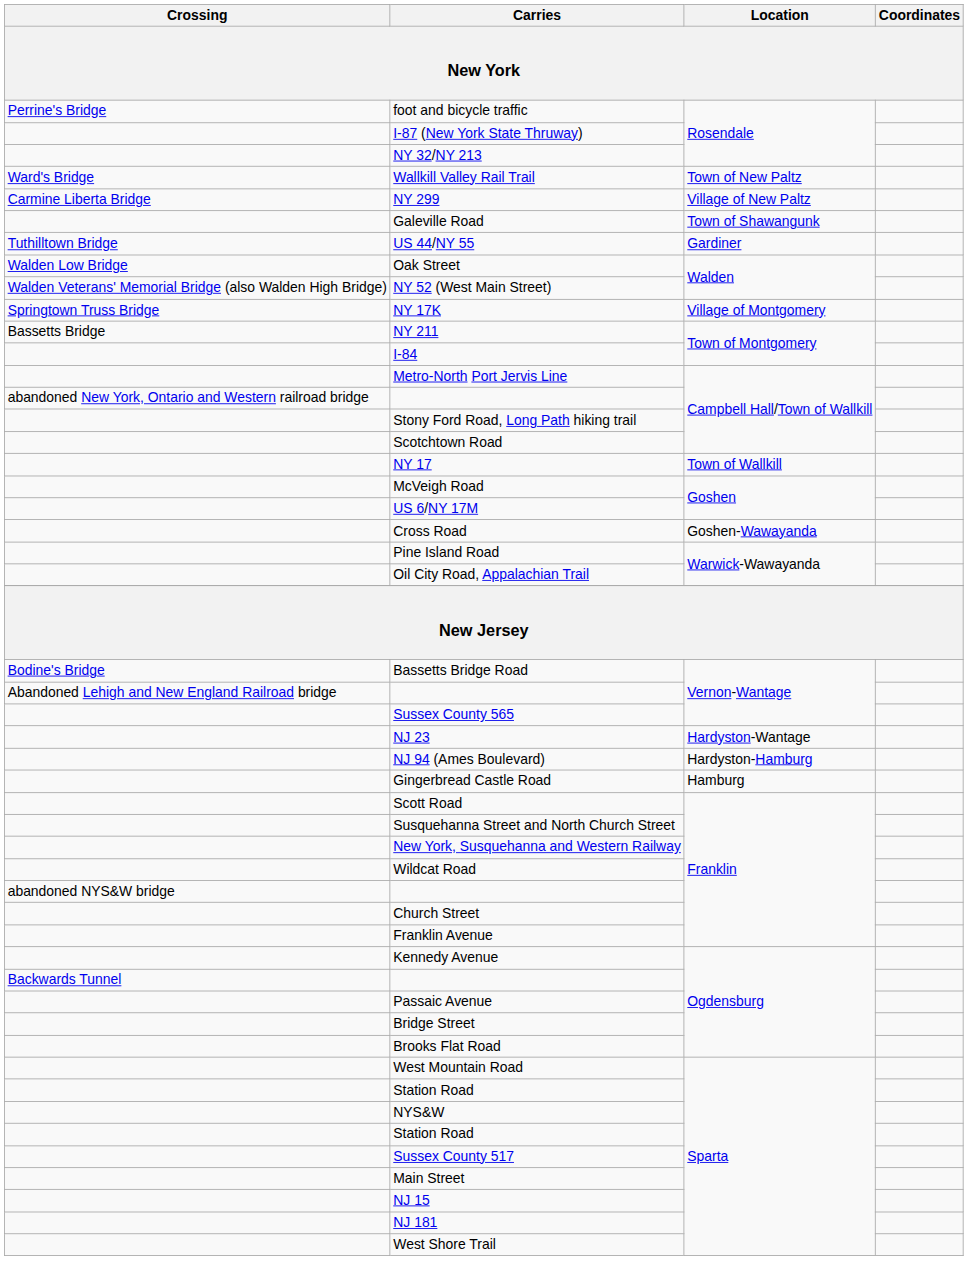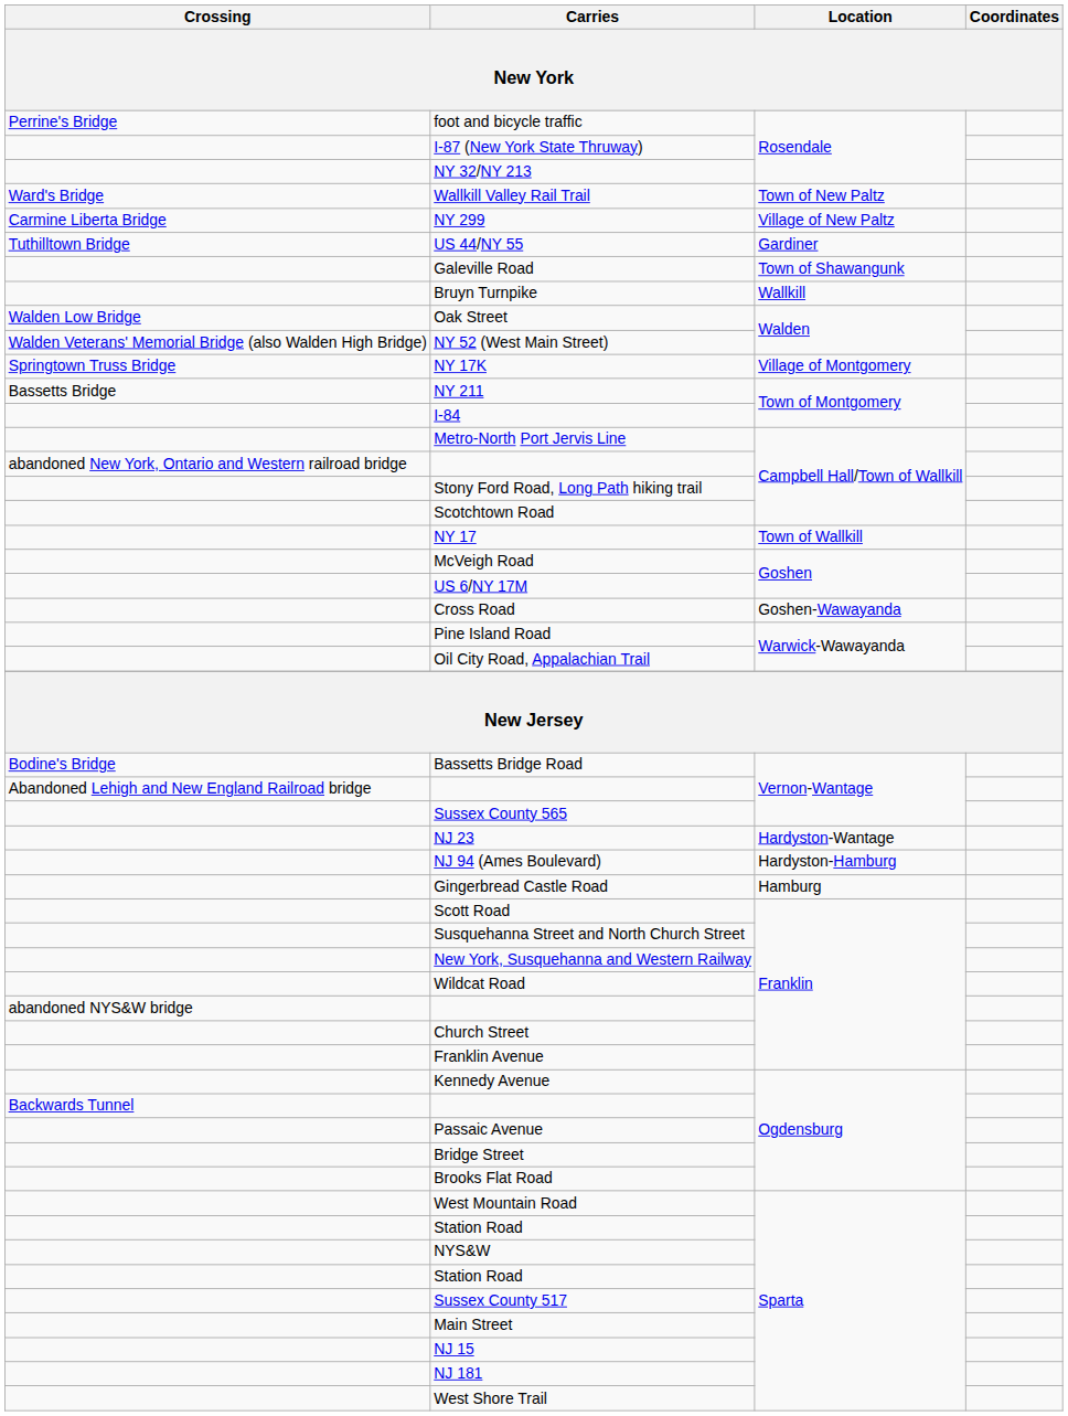 <table class=wikitable>
 <tr>
 <th>Crossing</th>
 <th>Carries</th>
 <th>Location</th>
 <th>Coordinates</th>
 </tr>
 <tr>
 <th colspan=4><br><h3>New York</h3></th>
 </tr>
 <tr>
 <td><a href='#'>Perrine's Bridge</a></td>
 <td>foot and bicycle traffic</td>
 <td rowspan=3><a href='#'>Rosendale</a></td>
 <td></td>
 </tr>
 <tr>
 <td></td>
 <td> <a href='#'>I-87</a> (<a href='#'>New York State Thruway</a>)</td>
 <td></td>
 </tr>
 <tr>
 <td></td>
 <td> <a href='#'>NY 32</a>/<a href='#'>NY 213</a></td>
 <td></td>
 </tr>
 <tr>
 <td><a href='#'>Ward's Bridge</a></td>
 <td><a href='#'>Wallkill Valley Rail Trail</a></td>
 <td><a href='#'>Town of New Paltz</a></td>
 <td></td>
 </tr>
 <tr>
 <td><a href='#'>Carmine Liberta Bridge</a></td>
 <td> <a href='#'>NY 299</a></td>
 <td><a href='#'>Village of New Paltz</a></td>
 <td></td>
 </tr>
 <tr>
+<td><a href='#'>Tuthilltown Bridge</a></td>
+<td> <a href='#'>US 44</a>/<a href='#'>NY 55</a></td>
+<td><a href='#'>Gardiner</a></td>
+<td></td>
+</tr>
+<tr>
 <td></td>
 <td>Galeville Road</td>
 <td><a href='#'>Town of Shawangunk</a></td>
 <td></td>
 </tr>
 <tr>
-<td><a href='#'>Tuthilltown Bridge</a></td>
-<td> <a href='#'>US 44</a>/<a href='#'>NY 55</a></td>
-<td><a href='#'>Gardiner</a></td>
+<td></td>
+<td>Bruyn Turnpike</td>
+<td><a href='#'>Wallkill</a></td>
 <td></td>
 </tr>
 <tr>
 <td><a href='#'>Walden Low Bridge</a></td>
 <td>Oak Street</td>
 <td rowspan=2><a href='#'>Walden</a></td>
 <td></td>
 </tr>
 <tr>
 <td><a href='#'>Walden Veterans' Memorial Bridge</a> (also Walden High Bridge)</td>
 <td> <a href='#'>NY 52</a> (West Main Street)</td>
 <td></td>
 </tr>
 <tr>
 <td><a href='#'>Springtown Truss Bridge</a></td>
 <td> <a href='#'>NY 17K</a></td>
 <td><a href='#'>Village of Montgomery</a></td>
 <td></td>
 </tr>
 <tr>
 <td>Bassetts Bridge</td>
 <td> <a href='#'>NY 211</a></td>
 <td rowspan=2><a href='#'>Town of Montgomery</a></td>
 <td></td>
 </tr>
 <tr>
 <td></td>
 <td> <a href='#'>I-84</a></td>
 <td></td>
 </tr>
 <tr>
 <td></td>
 <td><a href='#'>Metro-North</a> <a href='#'>Port Jervis Line</a></td>
 <td rowspan=4><a href='#'>Campbell Hall</a>/<a href='#'>Town of Wallkill</a></td>
 <td></td>
 </tr>
 <tr>
 <td>abandoned <a href='#'>New York, Ontario and Western</a> railroad bridge</td>
 <td></td>
 <td></td>
 </tr>
 <tr>
 <td></td>
 <td>Stony Ford Road, <a href='#'>Long Path</a> hiking trail</td>
 <td></td>
 </tr>
 <tr>
 <td></td>
 <td>Scotchtown Road</td>
 <td></td>
 </tr>
 <tr>
 <td></td>
 <td> <a href='#'>NY 17</a></td>
 <td><a href='#'>Town of Wallkill</a></td>
 <td></td>
 </tr>
 <tr>
 <td></td>
 <td>McVeigh Road</td>
 <td rowspan=2><a href='#'>Goshen</a></td>
 <td></td>
 </tr>
 <tr>
 <td></td>
 <td> <a href='#'>US 6</a>/<a href='#'>NY 17M</a></td>
 <td></td>
 </tr>
 <tr>
 <td></td>
 <td>Cross Road</td>
 <td>Goshen-<a href='#'>Wawayanda</a></td>
 <td></td>
 </tr>
 <tr>
 <td></td>
 <td>Pine Island Road</td>
 <td rowspan=2><a href='#'>Warwick</a>-Wawayanda</td>
 <td></td>
 </tr>
 <tr>
 <td></td>
 <td>Oil City Road, <a href='#'>Appalachian Trail</a></td>
 <td></td>
 </tr>
 <tr bgcolor="#DCE5E5">
 </tr>
 <tr>
 <th colspan=4><br><h3>New Jersey</h3></th>
 </tr>
 <tr>
 <td><a href='#'>Bodine's Bridge</a></td>
 <td>Bassetts Bridge Road</td>
 <td rowspan=3><a href='#'>Vernon</a>-<a href='#'>Wantage</a></td>
 <td></td>
 </tr>
 <tr>
 <td>Abandoned <a href='#'>Lehigh and New England Railroad</a> bridge</td>
 <td></td>
 <td></td>
 </tr>
 <tr>
 <td></td>
 <td> <a href='#'>Sussex County 565</a></td>
 <td></td>
 </tr>
 <tr>
 <td></td>
 <td> <a href='#'>NJ 23</a></td>
 <td><a href='#'>Hardyston</a>-Wantage</td>
 <td></td>
 </tr>
 <tr>
 <td></td>
 <td> <a href='#'>NJ 94</a> (Ames Boulevard)</td>
 <td>Hardyston-<a href='#'>Hamburg</a></td>
 <td></td>
 </tr>
 <tr>
 <td></td>
 <td>Gingerbread Castle Road</td>
 <td>Hamburg</td>
 <td></td>
 </tr>
 <tr>
 <td></td>
 <td>Scott Road</td>
 <td rowspan=7><a href='#'>Franklin</a></td>
 <td></td>
 </tr>
 <tr>
 <td></td>
 <td>Susquehanna Street and North Church Street</td>
 <td></td>
 </tr>
 <tr>
 <td></td>
 <td><a href='#'>New York, Susquehanna and Western Railway</a></td>
 <td></td>
 </tr>
 <tr>
 <td></td>
 <td>Wildcat Road</td>
 <td></td>
 </tr>
 <tr>
 <td>abandoned NYS&W bridge</td>
 <td></td>
 <td></td>
 </tr>
 <tr>
 <td></td>
 <td>Church Street</td>
 <td></td>
 </tr>
 <tr>
 <td></td>
 <td>Franklin Avenue</td>
 <td></td>
 </tr>
 <tr>
 <td></td>
 <td>Kennedy Avenue</td>
 <td rowspan=5><a href='#'>Ogdensburg</a></td>
 <td></td>
 </tr>
 <tr>
 <td><a href='#'>Backwards Tunnel</a></td>
 <td></td>
 <td></td>
 </tr>
 <tr>
 <td></td>
 <td>Passaic Avenue</td>
 <td></td>
 </tr>
 <tr>
 <td></td>
 <td>Bridge Street</td>
 <td></td>
 </tr>
 <tr>
 <td></td>
 <td>Brooks Flat Road</td>
 <td></td>
 </tr>
 <tr>
 <td></td>
 <td>West Mountain Road</td>
 <td rowspan=9><a href='#'>Sparta</a></td>
 <td></td>
 </tr>
 <tr>
 <td></td>
 <td>Station Road</td>
 <td></td>
 </tr>
 <tr>
 <td></td>
 <td>NYS&W</td>
 <td></td>
 </tr>
 <tr>
 <td></td>
 <td>Station Road</td>
 <td></td>
 </tr>
 <tr>
 <td></td>
 <td> <a href='#'>Sussex County 517</a></td>
 <td></td>
 </tr>
 <tr>
 <td></td>
 <td>Main Street</td>
 <td></td>
 </tr>
 <tr>
 <td></td>
 <td> <a href='#'>NJ 15</a></td>
 <td></td>
 </tr>
 <tr>
 <td></td>
 <td> <a href='#'>NJ 181</a></td>
 <td></td>
 </tr>
 <tr>
 <td></td>
 <td>West Shore Trail</td>
 <td></td>
 </tr>
 </table>
